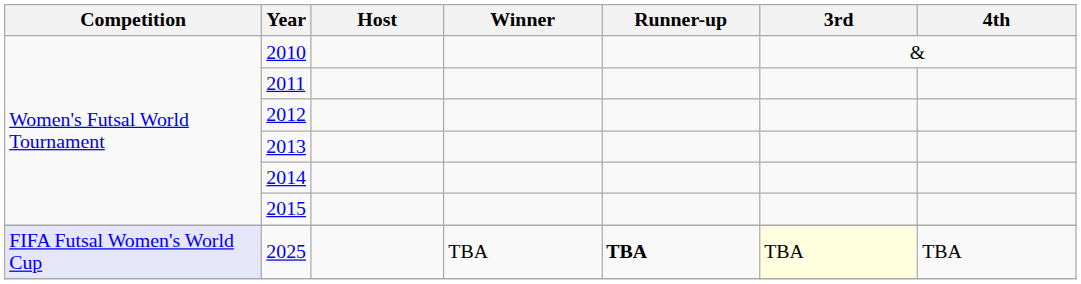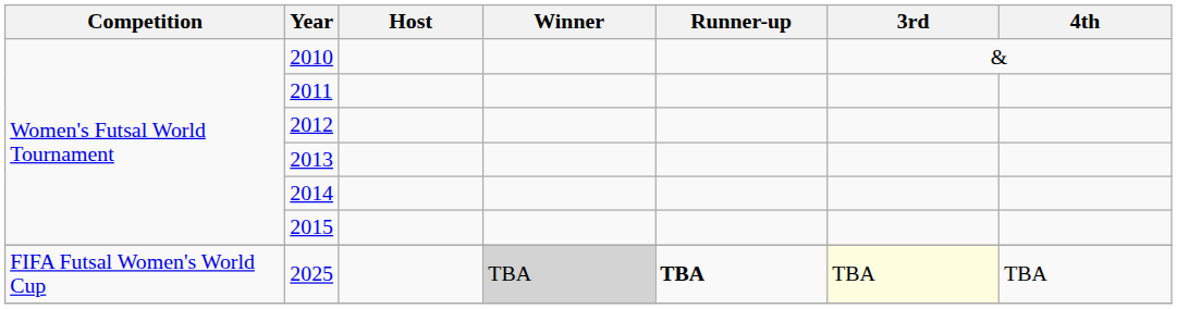 <table class="wikitable">
 <tr>
 <th width=200>Competition</th>
 <th>Year</th>
 <th width=100>Host</th>
 <th width=120>Winner </th>
 <th width=120>Runner-up </th>
 <th width=120>3rd </th>
 <th width=120>4th</th>
 </tr>
 <tr>
 <td rowspan=6><a href='#'>Women's Futsal World Tournament</a></td>
 <td><a href='#'>2010</a></td>
 <td></td>
 <td></td>
 <td></td>
 <td colspan="2" style="text-align:center;"> & </td>
 </tr>
 <tr>
 <td><a href='#'>2011</a></td>
 <td></td>
 <td></td>
 <td></td>
 <td></td>
 <td></td>
 </tr>
 <tr>
 <td><a href='#'>2012</a></td>
 <td></td>
 <td></td>
 <td></td>
 <td></td>
 <td></td>
 </tr>
 <tr>
 <td><a href='#'>2013</a></td>
 <td></td>
 <td></td>
 <td></td>
 <td></td>
 <td></td>
 </tr>
 <tr>
 <td><a href='#'>2014</a></td>
 <td></td>
 <td></td>
 <td></td>
 <td></td>
 <td></td>
 </tr>
 <tr>
 <td><a href='#'>2015</a></td>
 <td></td>
 <td></td>
 <td></td>
 <td></td>
 <td></td>
 </tr>
 <tr>
 </tr>
 <tr>
-<td rowspan=1 style="background: lavender;"><a href='#'>FIFA Futsal Women's World Cup</a></td>
+<td rowspan=1><a href='#'>FIFA Futsal Women's World Cup</a></td>
 <td><a href='#'>2025</a></td>
 <td></td>
-<td>TBA</td>
+<td style="background: lightgrey;">TBA</td>
 <td><strong>TBA</strong></td>
 <td style="background: lightyellow;">TBA</td>
 <td>TBA</td>
 </tr>
 <tr>
 </tr>
 </table>
